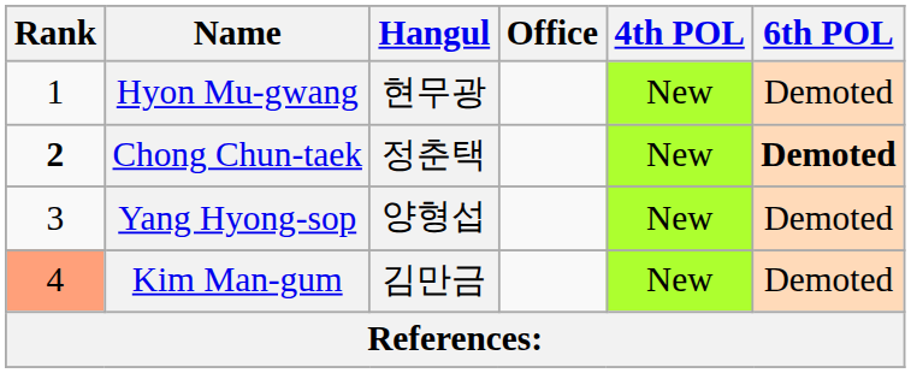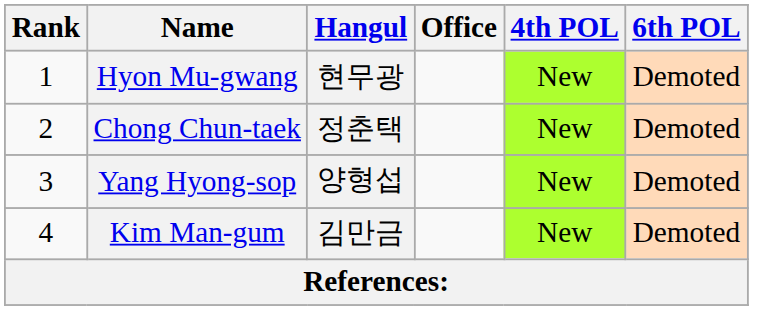 <table class="wikitable sortable">
 <tr>
 <th>Rank</th>
 <th>Name</th>
 <th><a href='#'>Hangul</a></th>
 <th>Office</th>
 <th><a href='#'>4th POL</a></th>
 <th><a href='#'>6th POL</a></th>
 </tr>
 <tr>
 <td align="center">1</td>
 <th align="center" scope="row" style="font-weight:normal;"><a href='#'>Hyon Mu-gwang</a></th>
 <th align="center" scope="row" style="font-weight:normal;">현무광</th>
 <td></td>
 <td align="center" style="background: GreenYellow">New</td>
 <td style="background: PeachPuff" align="center">Demoted</td>
 </tr>
 <tr>
-<td align="center"><strong>2</strong></td>
+<td align="center">2</td>
 <th align="center" scope="row" style="font-weight:normal;"><a href='#'>Chong Chun-taek</a></th>
 <th align="center" scope="row" style="font-weight:normal;">정춘택</th>
 <td></td>
 <td align="center" style="background: GreenYellow">New</td>
-<td style="background: PeachPuff" align="center"><strong>Demoted</strong></td>
+<td style="background: PeachPuff" align="center">Demoted</td>
 </tr>
 <tr>
 <td align="center">3</td>
 <th align="center" scope="row" style="font-weight:normal;"><a href='#'>Yang Hyong-sop</a></th>
 <th align="center" scope="row" style="font-weight:normal;">양형섭</th>
 <td></td>
 <td align="center" style="background: GreenYellow">New</td>
 <td style="background: PeachPuff" align="center">Demoted</td>
 </tr>
 <tr>
-<td align="center" style="background: lightsalmon;">4</td>
+<td align="center">4</td>
 <th align="center" scope="row" style="font-weight:normal;"><a href='#'>Kim Man-gum</a></th>
 <th align="center" scope="row" style="font-weight:normal;">김만금</th>
 <td></td>
 <td align="center" style="background: GreenYellow">New</td>
 <td style="background: PeachPuff" align="center">Demoted</td>
 </tr>
 <tr>
 <th colspan="6" unsortable><strong>References:</strong><br></th>
 </tr>
 </table>
